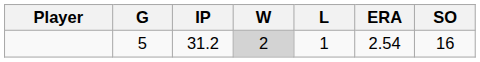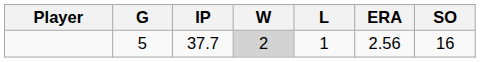 <table class="wikitable sortable">
 <tr>
 <th bgcolor="#DDDDFF" width="16%">Player</th>
 <th bgcolor="#DDDDFF" width="9%">G</th>
 <th bgcolor="#DDDDFF" width="9%">IP</th>
 <th bgcolor="#DDDDFF" width="9%">W</th>
 <th bgcolor="#DDDDFF" width="9%">L</th>
 <th bgcolor="#DDDDFF" width="9%">ERA</th>
 <th bgcolor="#DDDDFF" width="9%">SO</th>
 </tr>
 <tr align="center">
 <td></td>
 <td>5</td>
-<td>31.2</td>
+<td>37.7</td>
 <td style="background: lightgrey;">2</td>
 <td>1</td>
-<td>2.54</td>
+<td>2.56</td>
 <td>16</td>
 </tr>
 </table>
